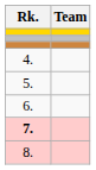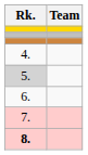 <table class="wikitable" style="border:1px solid #AAAAAA;font-size:90%">
 <tr bgcolor="#E4E4E4">
 <th style="border-bottom:1px solid #AAAAAA" width=40>Rk.</th>
 <th style="border-bottom:1px solid #AAAAAA">Team</th>
 </tr>
 <tr style="background:#ffd700;">
 <td align=center></td>
 <td></td>
 </tr>
 <tr style="background:#c0c0c0;">
 <td align=center></td>
 <td></td>
 </tr>
 <tr style="background:#CD853F;">
 <td align=center></td>
 <td></td>
 </tr>
 <tr>
 <td align=center>4.</td>
 <td></td>
 </tr>
 <tr>
-<td align=center>5.</td>
+<td align=center style="background: lightgrey;">5.</td>
 <td></td>
 </tr>
 <tr>
 <td align=center>6.</td>
 <td></td>
 </tr>
 <tr style="background:#ffcccc;">
-<td align=center><strong>7.</strong></td>
+<td align=center>7.</td>
 <td></td>
 </tr>
 <tr style="background:#ffcccc;">
-<td align=center>8.</td>
+<td align=center><strong>8.</strong></td>
 <td></td>
 </tr>
 </table>
